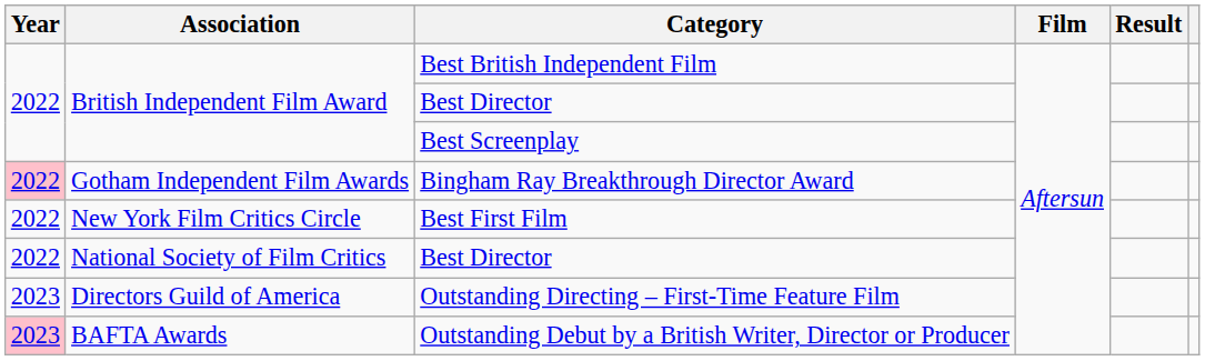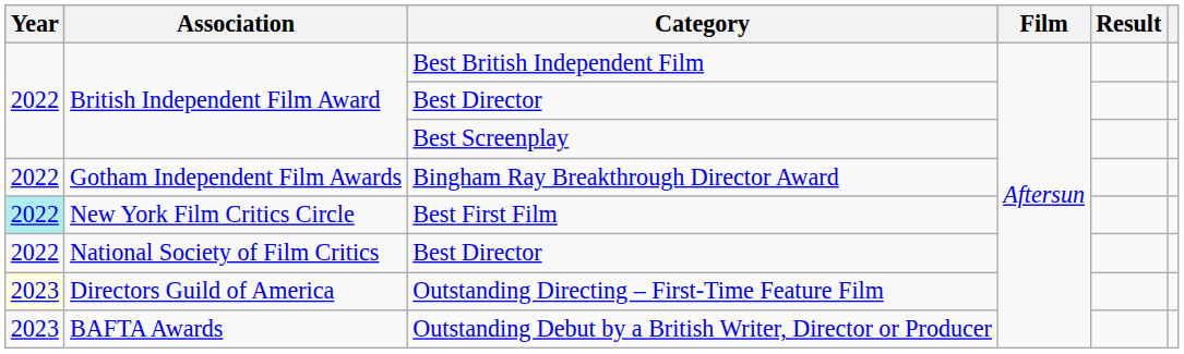 <table class="wikitable sortable">
 <tr style="background:#ccc; text-align:center;">
 <th scope="col" class="unsortable">Year</th>
 <th scope="col" class="unsortable">Association</th>
 <th>Category</th>
 <th scope="col" class="unsortable">Film</th>
 <th scope="col" class="unsortable">Result</th>
 <th scope="col" class="unsortable"></th>
 </tr>
 <tr>
 <td rowspan="3"><a href='#'>2022</a></td>
 <td rowspan="3"><a href='#'>British Independent Film Award</a></td>
 <td><a href='#'>Best British Independent Film</a></td>
 <td rowspan="8"><em><a href='#'>Aftersun</a></em></td>
 <td></td>
 <td style="text-align:center;"></td>
 </tr>
 <tr>
 <td><a href='#'>Best Director</a></td>
 <td></td>
 <td style="text-align:center;"></td>
 </tr>
 <tr>
 <td><a href='#'>Best Screenplay</a></td>
 <td></td>
 <td style="text-align:center;"></td>
 </tr>
 <tr>
-<td style="background: pink;"><a href='#'>2022</a></td>
+<td><a href='#'>2022</a></td>
 <td><a href='#'>Gotham Independent Film Awards</a></td>
 <td><a href='#'>Bingham Ray Breakthrough Director Award</a></td>
 <td></td>
 <td style="text-align:center;"></td>
 </tr>
 <tr>
-<td><a href='#'>2022</a></td>
+<td style="background: paleturquoise;"><a href='#'>2022</a></td>
 <td><a href='#'>New York Film Critics Circle</a></td>
 <td><a href='#'>Best First Film</a></td>
 <td></td>
 <td style="text-align:center;"></td>
 </tr>
 <tr>
 <td><a href='#'>2022</a></td>
 <td><a href='#'>National Society of Film Critics</a></td>
 <td><a href='#'>Best Director</a></td>
 <td></td>
 <td></td>
 </tr>
 <tr>
-<td><a href='#'>2023</a></td>
+<td style="background: lightyellow;"><a href='#'>2023</a></td>
 <td><a href='#'>Directors Guild of America</a></td>
 <td><a href='#'>Outstanding Directing – First-Time Feature Film</a></td>
 <td></td>
 <td style="text-align:center;"></td>
 </tr>
 <tr>
-<td style="background: pink;"><a href='#'>2023</a></td>
+<td><a href='#'>2023</a></td>
 <td><a href='#'>BAFTA Awards</a></td>
 <td><a href='#'>Outstanding Debut by a British Writer, Director or Producer</a></td>
 <td></td>
 <td></td>
 </tr>
 </table>
